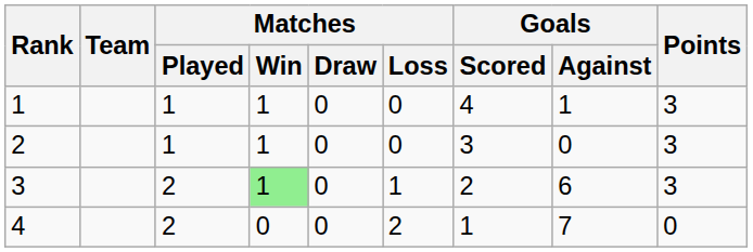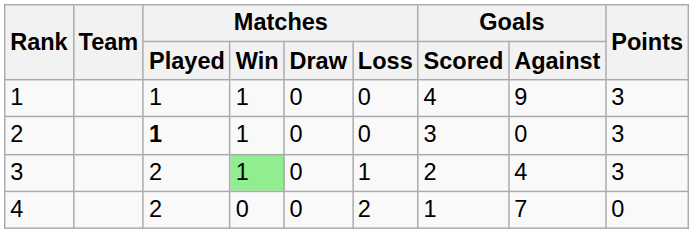 <table class="wikitable" style="align:right;">
 <tr>
 <th rowspan=2>Rank</th>
 <th rowspan=2>Team</th>
 <th colspan=4>Matches</th>
 <th colspan=2>Goals</th>
 <th rowspan=2>Points</th>
 </tr>
 <tr>
 <th>Played</th>
 <th>Win</th>
 <th>Draw</th>
 <th>Loss</th>
 <th>Scored</th>
 <th>Against</th>
 </tr>
 <tr>
 <td>1</td>
 <td></td>
 <td>1</td>
 <td>1</td>
 <td>0</td>
 <td>0</td>
 <td>4</td>
-<td>1</td>
+<td>9</td>
 <td>3</td>
 </tr>
 <tr>
 <td>2</td>
 <td></td>
-<td>1</td>
+<td><strong>1</strong></td>
 <td>1</td>
 <td>0</td>
 <td>0</td>
 <td>3</td>
 <td>0</td>
 <td>3</td>
 </tr>
 <tr>
 <td>3</td>
 <td></td>
 <td>2</td>
 <td style="background: lightgreen;">1</td>
 <td>0</td>
 <td>1</td>
 <td>2</td>
-<td>6</td>
+<td>4</td>
 <td>3</td>
 </tr>
 <tr>
 <td>4</td>
 <td></td>
 <td>2</td>
 <td>0</td>
 <td>0</td>
 <td>2</td>
 <td>1</td>
 <td>7</td>
 <td>0</td>
 </tr>
 </table>
